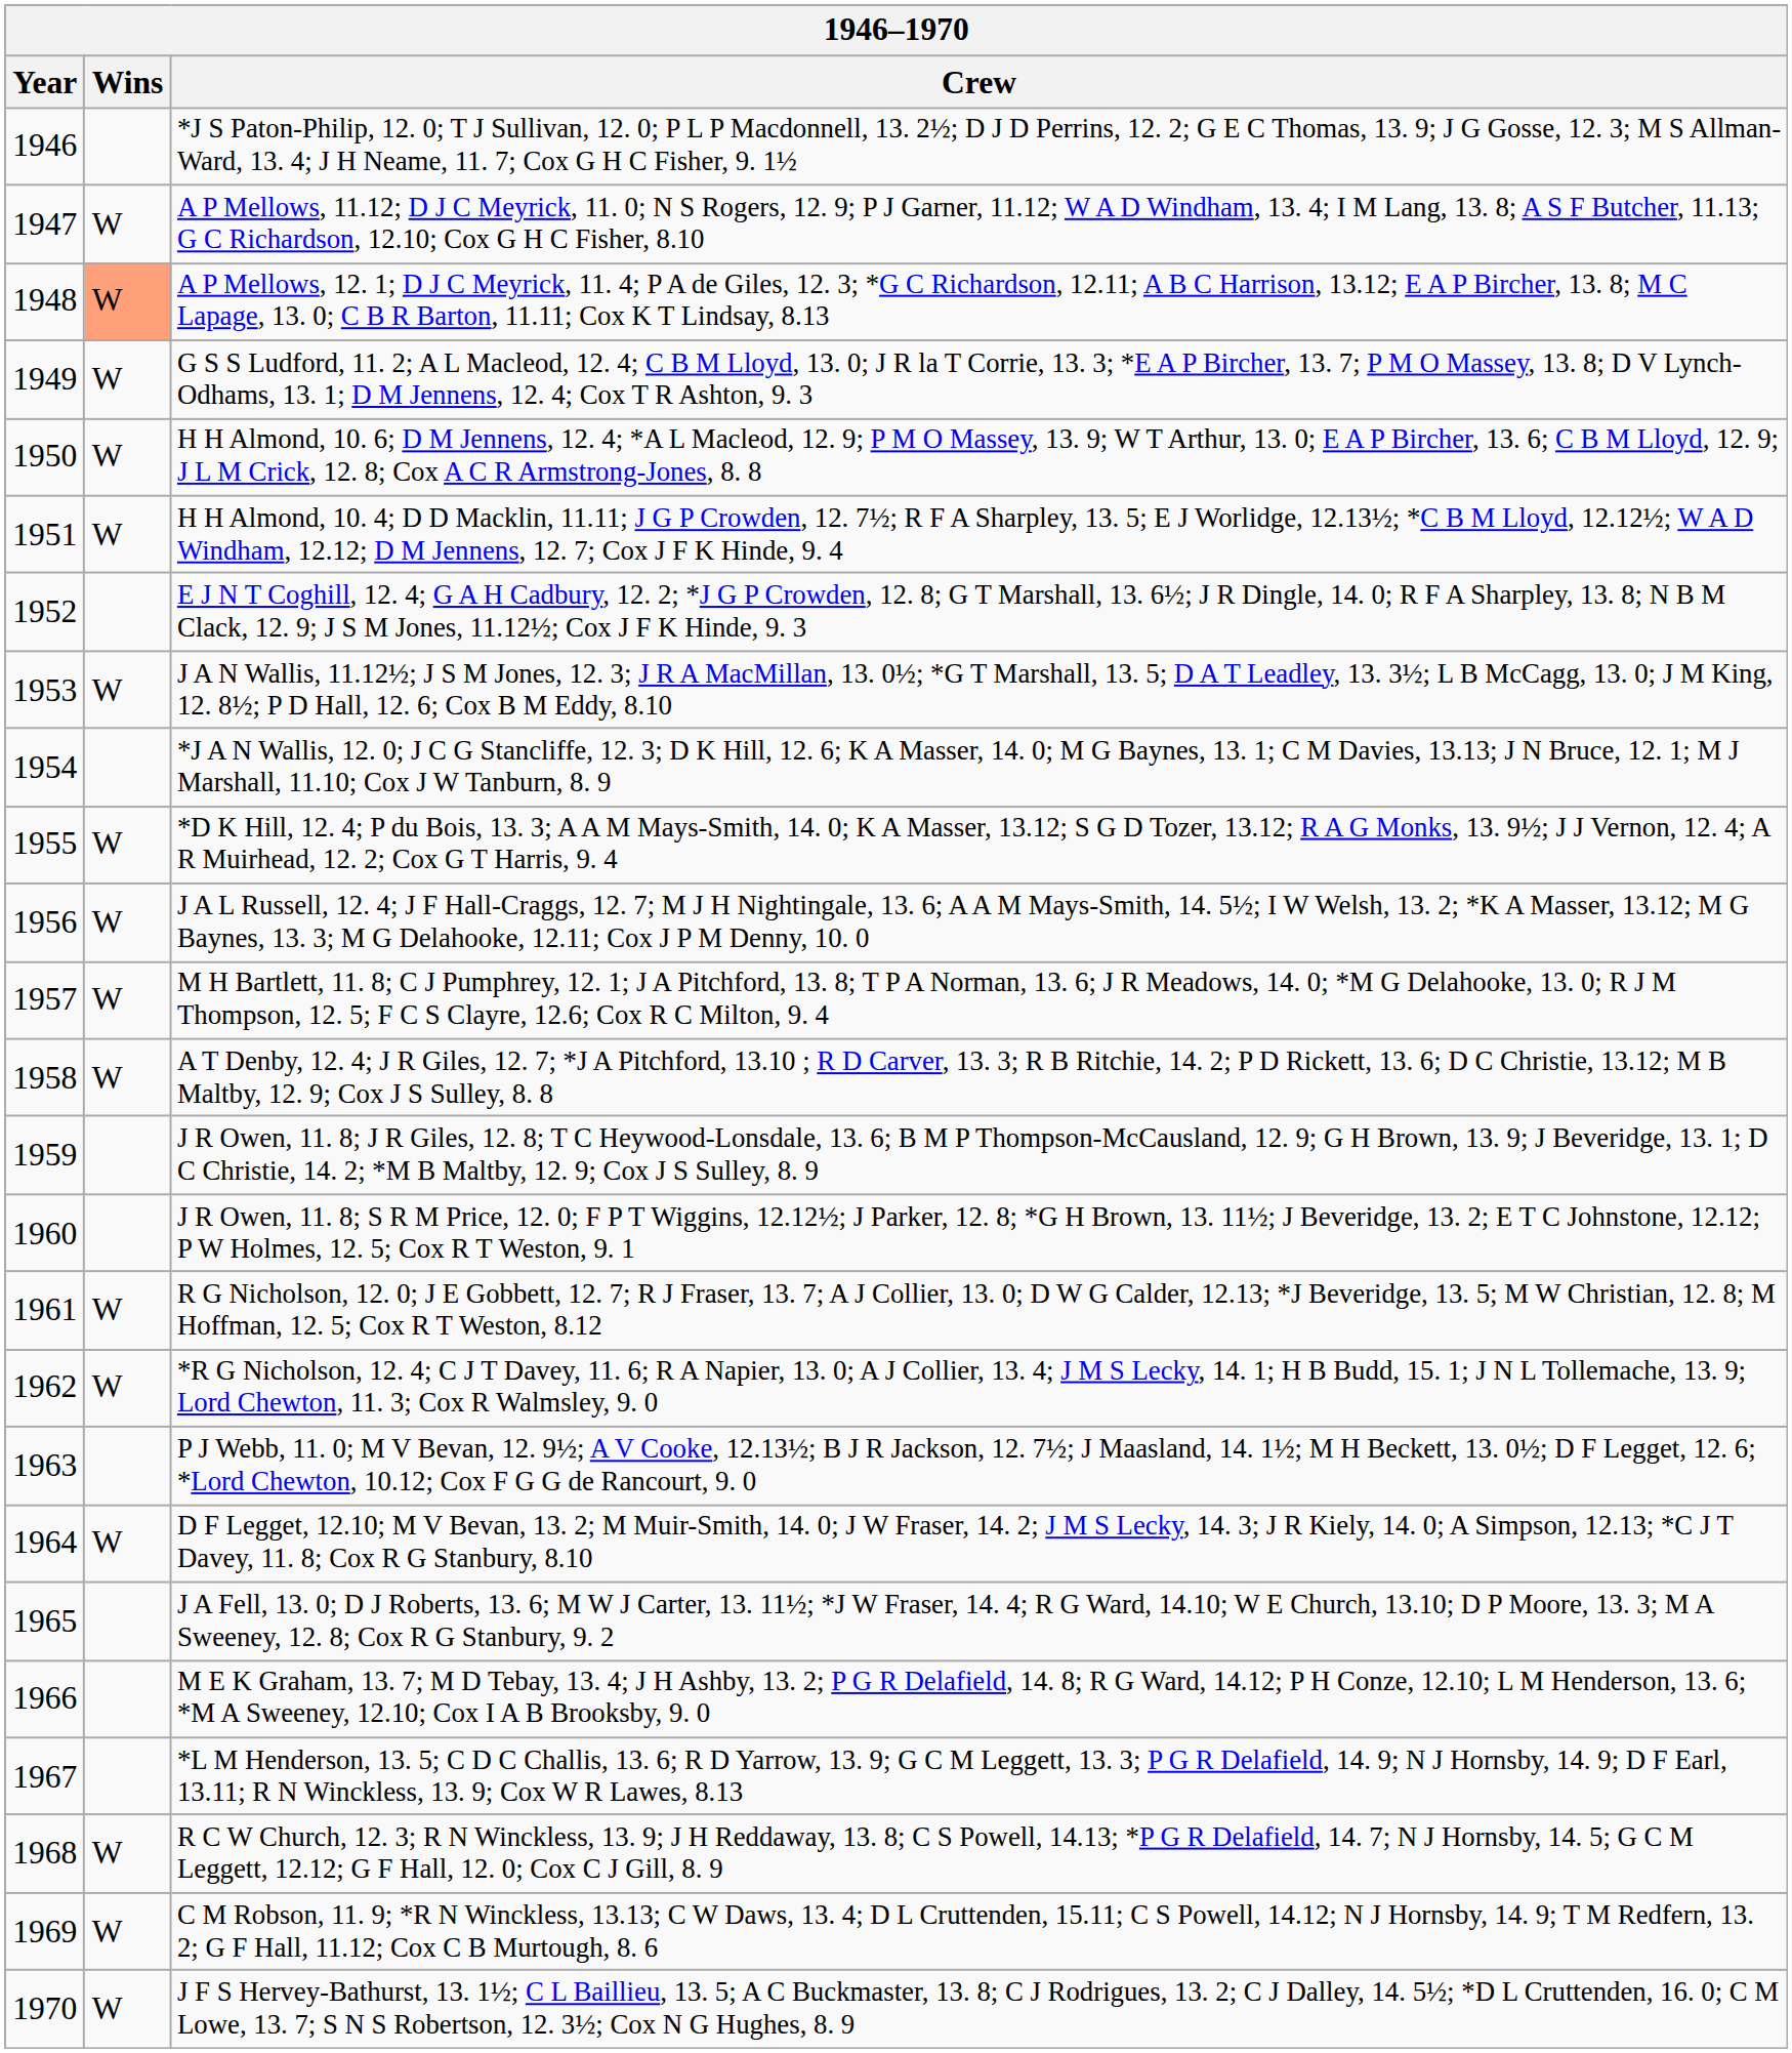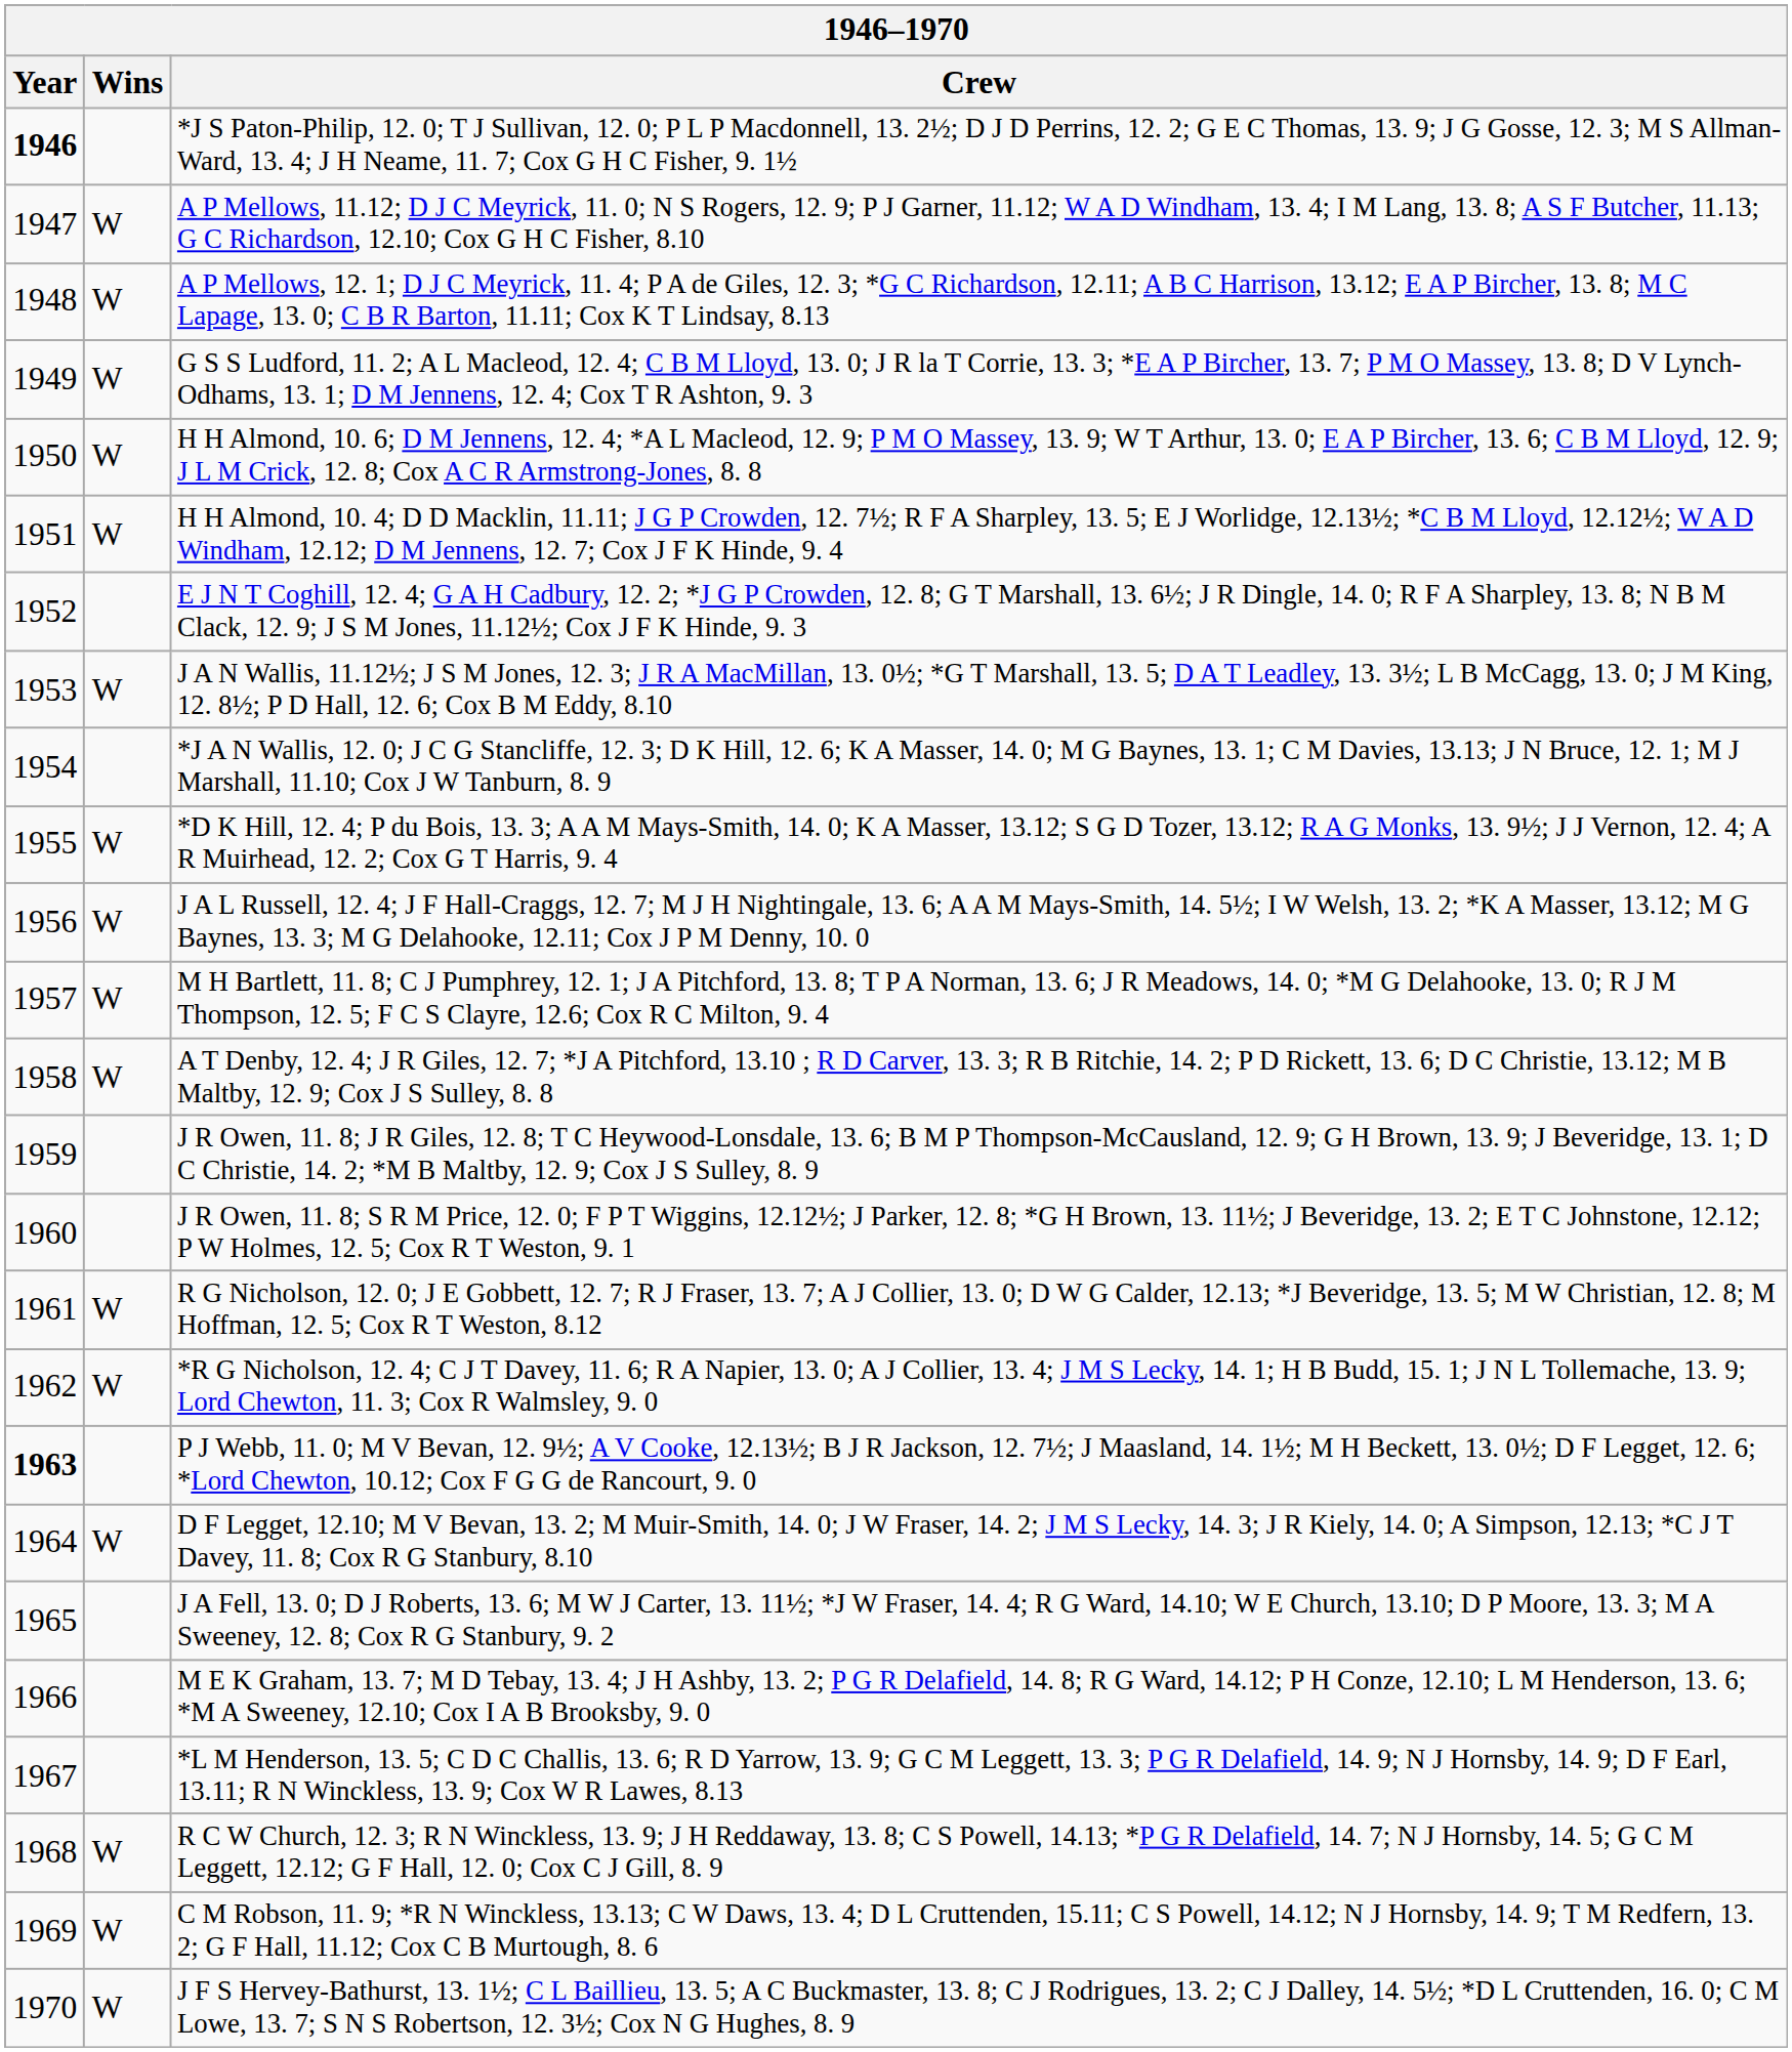 <table class="wikitable" style="width:100%;">
 <tr>
 <th colspan="3">1946–1970</th>
 </tr>
 <tr>
 <th>Year</th>
 <th>Wins</th>
 <th>Crew</th>
 </tr>
 <tr>
-<td>1946</td>
+<td><strong>1946</strong></td>
 <td></td>
 <td style="font-size:85%">*J S Paton-Philip, 12. 0; T J Sullivan, 12. 0; P L P Macdonnell, 13. 2½; D J D Perrins, 12. 2; G E C Thomas, 13. 9; J G Gosse, 12. 3; M S Allman-Ward, 13. 4; J H Neame, 11. 7; Cox G H C Fisher, 9. 1½</td>
 </tr>
 <tr>
 <td>1947</td>
 <td>W</td>
 <td style="font-size:85%"><a href='#'>A P Mellows</a>, 11.12; <a href='#'>D J C Meyrick</a>, 11. 0; N S Rogers, 12. 9; P J Garner, 11.12; <a href='#'>W A D Windham</a>, 13. 4; I M Lang, 13. 8; <a href='#'>A S F Butcher</a>, 11.13; <a href='#'>G C Richardson</a>, 12.10; Cox G H C Fisher, 8.10</td>
 </tr>
 <tr>
 <td>1948</td>
-<td style="background: lightsalmon;">W</td>
+<td>W</td>
 <td style="font-size:85%"><a href='#'>A P Mellows</a>, 12. 1; <a href='#'>D J C Meyrick</a>, 11. 4; P A de Giles, 12. 3; *<a href='#'>G C Richardson</a>, 12.11; <a href='#'>A B C Harrison</a>, 13.12; <a href='#'>E A P Bircher</a>, 13. 8; <a href='#'>M C Lapage</a>, 13. 0; <a href='#'>C B R Barton</a>, 11.11; Cox K T Lindsay, 8.13</td>
 </tr>
 <tr>
 <td>1949</td>
 <td>W</td>
 <td style="font-size:85%">G S S Ludford, 11. 2; A L Macleod, 12. 4; <a href='#'>C B M Lloyd</a>, 13. 0; J R la T Corrie, 13. 3; *<a href='#'>E A P Bircher</a>, 13. 7; <a href='#'>P M O Massey</a>, 13. 8; D V Lynch-Odhams, 13. 1; <a href='#'>D M Jennens</a>, 12. 4; Cox T R Ashton, 9. 3</td>
 </tr>
 <tr>
 <td>1950</td>
 <td>W</td>
 <td style="font-size:85%">H H Almond, 10. 6; <a href='#'>D M Jennens</a>, 12. 4; *A L Macleod, 12. 9; <a href='#'>P M O Massey</a>, 13. 9; W T Arthur, 13. 0; <a href='#'>E A P Bircher</a>, 13. 6; <a href='#'>C B M Lloyd</a>, 12. 9; <a href='#'>J L M Crick</a>, 12. 8; Cox <a href='#'>A C R Armstrong-Jones</a>, 8. 8</td>
 </tr>
 <tr>
 <td>1951</td>
 <td>W</td>
 <td style="font-size:85%">H H Almond, 10. 4; D D Macklin, 11.11; <a href='#'>J G P Crowden</a>, 12. 7½; R F A Sharpley, 13. 5; E J Worlidge, 12.13½; *<a href='#'>C B M Lloyd</a>, 12.12½; <a href='#'>W A D Windham</a>, 12.12; <a href='#'>D M Jennens</a>, 12. 7; Cox J F K Hinde, 9. 4</td>
 </tr>
 <tr>
 <td>1952</td>
 <td></td>
 <td style="font-size:85%"><a href='#'>E J N T Coghill</a>, 12. 4; <a href='#'>G A H Cadbury</a>, 12. 2; *<a href='#'>J G P Crowden</a>, 12. 8; G T Marshall, 13. 6½; J R Dingle, 14. 0; R F A Sharpley, 13. 8; N B M Clack, 12. 9; J S M Jones, 11.12½; Cox J F K Hinde, 9. 3</td>
 </tr>
 <tr>
 <td>1953</td>
 <td>W</td>
 <td style="font-size:85%">J A N Wallis, 11.12½; J S M Jones, 12. 3; <a href='#'>J R A MacMillan</a>, 13. 0½; *G T Marshall, 13. 5; <a href='#'>D A T Leadley</a>, 13. 3½; L B McCagg, 13. 0; J M King, 12. 8½; P D Hall, 12. 6; Cox B M Eddy, 8.10</td>
 </tr>
 <tr>
 <td>1954</td>
 <td></td>
 <td style="font-size:85%">*J A N Wallis, 12. 0; J C G Stancliffe, 12. 3; D K Hill, 12. 6; K A Masser, 14. 0; M G Baynes, 13. 1; C M Davies, 13.13; J N Bruce, 12. 1; M J Marshall, 11.10; Cox J W Tanburn, 8. 9</td>
 </tr>
 <tr>
 <td>1955</td>
 <td>W</td>
 <td style="font-size:85%">*D K Hill, 12. 4; P du Bois, 13. 3; A A M Mays-Smith, 14. 0; K A Masser, 13.12; S G D Tozer, 13.12; <a href='#'>R A G Monks</a>, 13. 9½; J J Vernon, 12. 4; A R Muirhead, 12. 2; Cox G T Harris, 9. 4</td>
 </tr>
 <tr>
 <td>1956</td>
 <td>W</td>
 <td style="font-size:85%">J A L Russell, 12. 4; J F Hall-Craggs, 12. 7; M J H Nightingale, 13. 6; A A M Mays-Smith, 14. 5½; I W Welsh, 13. 2; *K A Masser, 13.12; M G Baynes, 13. 3; M G Delahooke, 12.11; Cox J P M Denny, 10. 0</td>
 </tr>
 <tr>
 <td>1957</td>
 <td>W</td>
 <td style="font-size:85%">M H Bartlett, 11. 8; C J Pumphrey, 12. 1; J A Pitchford, 13. 8; T P A Norman, 13. 6; J R Meadows, 14. 0; *M G Delahooke, 13. 0; R J M Thompson, 12. 5; F C S Clayre, 12.6; Cox R C Milton, 9. 4</td>
 </tr>
 <tr>
 <td>1958</td>
 <td>W</td>
 <td style="font-size:85%">A T Denby, 12. 4; J R Giles, 12. 7; *J A Pitchford, 13.10 ; <a href='#'>R D Carver</a>, 13. 3; R B Ritchie, 14. 2; P D Rickett, 13. 6; D C Christie, 13.12; M B Maltby, 12. 9; Cox J S Sulley, 8. 8</td>
 </tr>
 <tr>
 <td>1959</td>
 <td></td>
 <td style="font-size:85%">J R Owen, 11. 8; J R Giles, 12. 8; T C Heywood-Lonsdale, 13. 6; B M P Thompson-McCausland, 12. 9; G H Brown, 13. 9; J Beveridge, 13. 1; D C Christie, 14. 2; *M B Maltby, 12. 9; Cox J S Sulley, 8. 9</td>
 </tr>
 <tr>
 <td>1960</td>
 <td></td>
 <td style="font-size:85%">J R Owen, 11. 8; S R M Price, 12. 0; F P T Wiggins, 12.12½; J Parker, 12. 8; *G H Brown, 13. 11½; J Beveridge, 13. 2; E T C Johnstone, 12.12; P W Holmes, 12. 5; Cox R T Weston, 9. 1</td>
 </tr>
 <tr>
 <td>1961</td>
 <td>W</td>
 <td style="font-size:85%">R G Nicholson, 12. 0; J E Gobbett, 12. 7; R J Fraser, 13. 7; A J Collier, 13. 0; D W G Calder, 12.13; *J Beveridge, 13. 5; M W Christian, 12. 8; M Hoffman, 12. 5; Cox R T Weston, 8.12</td>
 </tr>
 <tr>
 <td>1962</td>
 <td>W</td>
 <td style="font-size:85%">*R G Nicholson, 12. 4; C J T Davey, 11. 6; R A Napier, 13. 0; A J Collier, 13. 4; <a href='#'>J M S Lecky</a>, 14. 1; H B Budd, 15. 1; J N L Tollemache, 13. 9; <a href='#'>Lord Chewton</a>, 11. 3; Cox R Walmsley, 9. 0</td>
 </tr>
 <tr>
-<td>1963</td>
+<td><strong>1963</strong></td>
 <td></td>
 <td style="font-size:85%">P J Webb, 11. 0; M V Bevan, 12. 9½; <a href='#'>A V Cooke</a>, 12.13½; B J R Jackson, 12. 7½; J Maasland, 14. 1½; M H Beckett, 13. 0½; D F Legget, 12. 6; *<a href='#'>Lord Chewton</a>, 10.12; Cox F G G de Rancourt, 9. 0</td>
 </tr>
 <tr>
 <td>1964</td>
 <td>W</td>
 <td style="font-size:85%">D F Legget, 12.10; M V Bevan, 13. 2; M Muir-Smith, 14. 0; J W Fraser, 14. 2; <a href='#'>J M S Lecky</a>, 14. 3; J R Kiely, 14. 0; A Simpson, 12.13; *C J T Davey, 11. 8; Cox R G Stanbury, 8.10</td>
 </tr>
 <tr>
 <td>1965</td>
 <td></td>
 <td style="font-size:85%">J A Fell, 13. 0; D J Roberts, 13. 6; M W J Carter, 13. 11½; *J W Fraser, 14. 4; R G Ward, 14.10; W E Church, 13.10; D P Moore, 13. 3; M A Sweeney, 12. 8; Cox R G Stanbury, 9. 2</td>
 </tr>
 <tr>
 <td>1966</td>
 <td></td>
 <td style="font-size:85%">M E K Graham, 13. 7; M D Tebay, 13. 4; J H Ashby, 13. 2; <a href='#'>P G R Delafield</a>, 14. 8; R G Ward, 14.12; P H Conze, 12.10; L M Henderson, 13. 6; *M A Sweeney, 12.10; Cox I A B Brooksby, 9. 0</td>
 </tr>
 <tr>
 <td>1967</td>
 <td></td>
 <td style="font-size:85%">*L M Henderson, 13. 5; C D C Challis, 13. 6; R D Yarrow, 13. 9; G C M Leggett, 13. 3; <a href='#'>P G R Delafield</a>, 14. 9; N J Hornsby, 14. 9; D F Earl, 13.11; R N Winckless, 13. 9; Cox W R Lawes, 8.13</td>
 </tr>
 <tr>
 <td>1968</td>
 <td>W</td>
 <td style="font-size:85%">R C W Church, 12. 3; R N Winckless, 13. 9; J H Reddaway, 13. 8; C S Powell, 14.13; *<a href='#'>P G R Delafield</a>, 14. 7; N J Hornsby, 14. 5; G C M Leggett, 12.12; G F Hall, 12. 0; Cox C J Gill, 8. 9</td>
 </tr>
 <tr>
 <td>1969</td>
 <td>W</td>
 <td style="font-size:85%">C M Robson, 11. 9; *R N Winckless, 13.13; C W Daws, 13. 4; D L Cruttenden, 15.11; C S Powell, 14.12; N J Hornsby, 14. 9; T M Redfern, 13. 2; G F Hall, 11.12; Cox C B Murtough, 8. 6</td>
 </tr>
 <tr>
 <td>1970</td>
 <td>W</td>
 <td style="font-size:85%">J F S Hervey-Bathurst, 13. 1½; <a href='#'>C L Baillieu</a>, 13. 5; A C Buckmaster, 13. 8; C J Rodrigues, 13. 2; C J Dalley, 14. 5½; *D L Cruttenden, 16. 0; C M Lowe, 13. 7; S N S Robertson, 12. 3½; Cox N G Hughes, 8. 9</td>
 </tr>
 <tr>
 </tr>
 </table>
